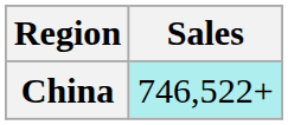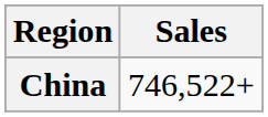 <table class="wikitable plainrowheaders">
 <tr>
 <th>Region</th>
 <th>Sales</th>
 </tr>
 <tr>
 <th scope=row>China</th>
-<td style="background: paleturquoise;">746,522+ </td>
+<td>746,522+ </td>
 </tr>
 </table>
